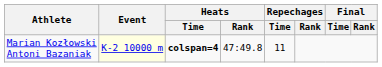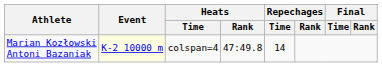 <table class="wikitable" style="font-size:90%">
 <tr>
 <th rowspan=2>Athlete</th>
 <th rowspan=2>Event</th>
 <th colspan=2>Heats</th>
 <th colspan=2>Repechages</th>
 <th colspan=2>Final</th>
 </tr>
 <tr style="font-size:95%">
 <th>Time</th>
 <th>Rank</th>
 <th>Time</th>
 <th>Rank</th>
 <th>Time</th>
 <th>Rank</th>
 </tr>
 <tr align=center>
 <td align=left><a href='#'>Marian Kozłowski</a><br><a href='#'>Antoni Bazaniak</a></td>
 <td align=left style="background: lightyellow;"><a href='#'>K-2 10000 m</a></td>
-<td><strong>colspan=4 </strong></td>
+<td>colspan=4 </td>
 <td>47:49.8</td>
-<td>11</td>
+<td>14</td>
 </tr>
 </table>
